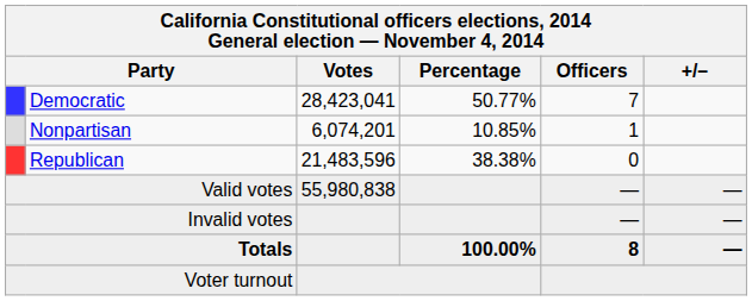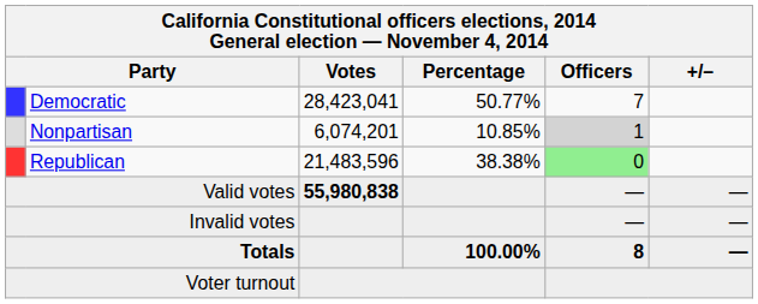 <table class="wikitable" style="font-size:95%;">
 <tr>
 <th colspan="7">California Constitutional officers elections, 2014<br>General election — November 4, 2014</th>
 </tr>
 <tr>
 <th colspan=2 style="width: 15em">Party</th>
 <th style="width: 5em">Votes</th>
 <th style="width: 7em">Percentage</th>
 <th style="width: 5em">Officers</th>
 <th style="width: 5em">+/–</th>
 </tr>
 <tr>
 <th style="background-color:#3333FF; width: 3px"></th>
 <td style="width: 130px"><a href='#'>Democratic</a></td>
 <td align="right">28,423,041</td>
 <td align="right">50.77%</td>
 <td align="right">7</td>
 <td align="right"></td>
 </tr>
 <tr>
 <th style="background-color:#DDDDDD; width: 3px"></th>
 <td style="width: 130px"><a href='#'>Nonpartisan</a></td>
 <td align="right">6,074,201</td>
 <td align="right">10.85%</td>
-<td align="right">1</td>
+<td align="right" style="background: lightgrey;">1</td>
 <td align="right"></td>
 </tr>
 <tr>
 <th style="background-color:#FF3333; width: 3px"></th>
 <td style="width: 130px"><a href='#'>Republican</a></td>
 <td align="right">21,483,596</td>
 <td align="right">38.38%</td>
-<td align="right">0</td>
+<td align="right" style="background: lightgreen;">0</td>
 <td align="right"></td>
 </tr>
 <tr bgcolor="#EEEEEE">
 <td colspan="2" align="right">Valid votes</td>
-<td align="right">55,980,838</td>
+<td align="right"><strong>55,980,838</strong></td>
 <td align="right"></td>
 <td align="right">—</td>
 <td align="right">—</td>
 </tr>
 <tr bgcolor="#EEEEEE">
 <td colspan="2" align="right">Invalid votes</td>
 <td align="right"></td>
 <td align="right"></td>
 <td align="right">—</td>
 <td align="right">—</td>
 </tr>
 <tr bgcolor="#EEEEEE">
 <td colspan="2" align="right"><strong>Totals</strong></td>
 <td align="right"></td>
 <td align="right"><strong>100.00%</strong></td>
 <td align="right"><strong>8</strong></td>
 <td align="right"><strong>—</strong></td>
 </tr>
 <tr bgcolor="#EEEEEE">
 <td colspan="2" align="right">Voter turnout</td>
 <td colspan="2" align="right"></td>
 <td colspan="2" align="right"></td>
 </tr>
 </table>
